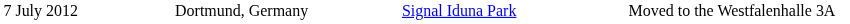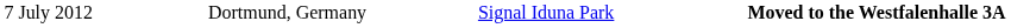 <table cellpadding="2" style="border:0 solid darkgrey; font-size:90%">
 <tr>
 <th style="width:150px;"></th>
 <th style="width:200px;"></th>
 <th style="width:200px;"></th>
 <th style="width:700px;"></th>
 </tr>
 <tr border="0">
 </tr>
 <tr>
 <td>7 July 2012</td>
 <td>Dortmund, Germany</td>
 <td><a href='#'>Signal Iduna Park</a></td>
-<td>Moved to the Westfalenhalle 3A</td>
+<td><strong>Moved to the Westfalenhalle 3A</strong></td>
 </tr>
 <tr>
 </tr>
 </table>
